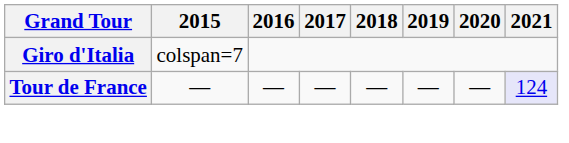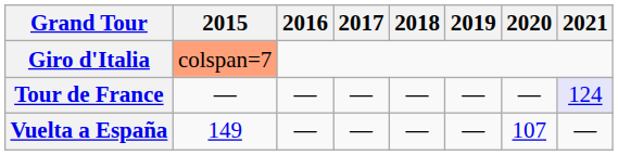 <table class="wikitable plainrowheaders">
 <tr>
 <th scope="col"><a href='#'>Grand Tour</a></th>
 <th scope="col">2015</th>
 <th scope="col">2016</th>
 <th scope="col">2017</th>
 <th scope="col">2018</th>
 <th scope="col">2019</th>
 <th scope="col">2020</th>
 <th scope="col">2021</th>
 </tr>
 <tr style="text-align:center;">
 <th scope="row"> <a href='#'>Giro d'Italia</a></th>
-<td>colspan=7 </td>
+<td style="background: lightsalmon;">colspan=7 </td>
 </tr>
 <tr style="text-align:center;">
 <th scope="row"> <a href='#'>Tour de France</a></th>
 <td>—</td>
 <td>—</td>
 <td>—</td>
 <td>—</td>
 <td>—</td>
 <td>—</td>
 <td style="background: lavender;"><a href='#'>124</a></td>
 </tr>
+<tr style="text-align:center;">
+<th scope="row"> <a href='#'>Vuelta a España</a></th>
+<td><a href='#'>149</a></td>
+<td>—</td>
+<td>—</td>
+<td>—</td>
+<td>—</td>
+<td><a href='#'>107</a></td>
+<td>—</td>
+</tr>
 </table>
